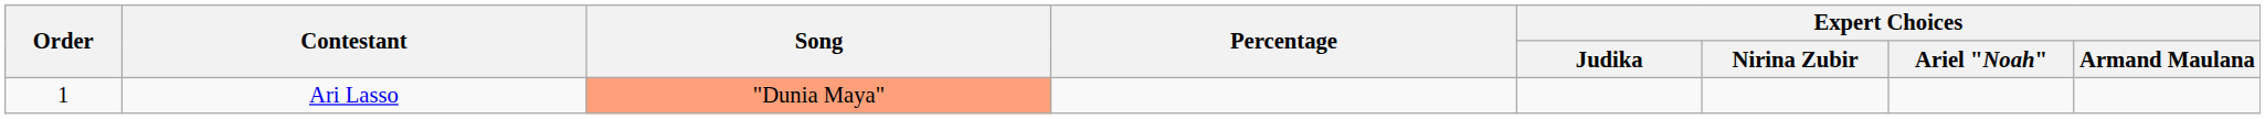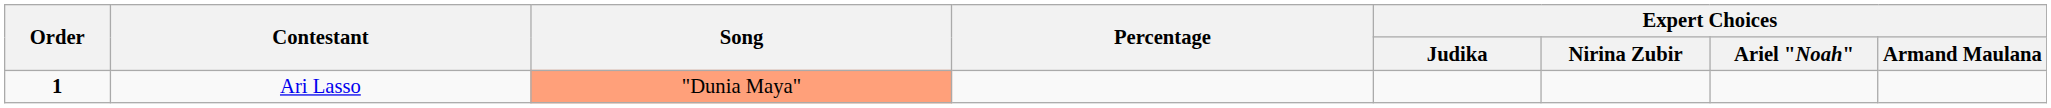 <table class="wikitable" style="text-align:center; width:100%;">
 <tr>
 <th scope="col" rowspan="2" style="width:05%;">Order</th>
 <th scope="col" rowspan="2" style="width:20%;">Contestant</th>
 <th scope="col" rowspan="2" style="width:20%;">Song</th>
 <th scope="col" rowspan="2" style="width:20%;">Percentage</th>
 <th scope="col" colspan="4" style="width:32%;">Expert Choices</th>
 </tr>
 <tr>
 <th style="width:08%;">Judika</th>
 <th style="width:08%;">Nirina Zubir</th>
 <th style="width:08%;">Ariel "<em>Noah</em>"</th>
 <th style="width:08%;">Armand Maulana</th>
 </tr>
 <tr>
-<td>1</td>
+<td><strong>1</strong></td>
 <td><a href='#'>Ari Lasso</a></td>
 <td style="background: lightsalmon;">"Dunia Maya"</td>
 <td></td>
 <td></td>
 <td></td>
 <td></td>
 <td></td>
 </tr>
 </table>
